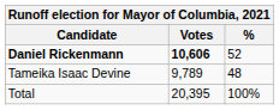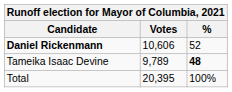 <table class="wikitable">
 <tr>
 <th colspan="4">Runoff election for Mayor of Columbia, 2021</th>
 </tr>
 <tr>
 <th>Candidate</th>
 <th>Votes</th>
 <th>%</th>
 </tr>
 <tr>
 <td><strong>Daniel Rickenmann</strong></td>
-<td><strong>10,606</strong></td>
+<td>10,606</td>
 <td>52</td>
 </tr>
 <tr>
 <td>Tameika Isaac Devine</td>
 <td>9,789</td>
-<td>48</td>
+<td><strong>48</strong></td>
 </tr>
 <tr>
 <td>Total</td>
 <td>20,395</td>
 <td>100%</td>
 </tr>
 </table>
